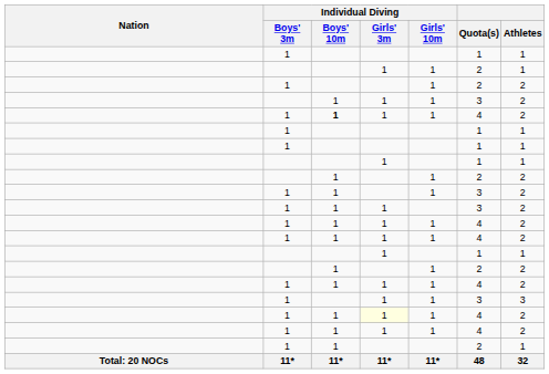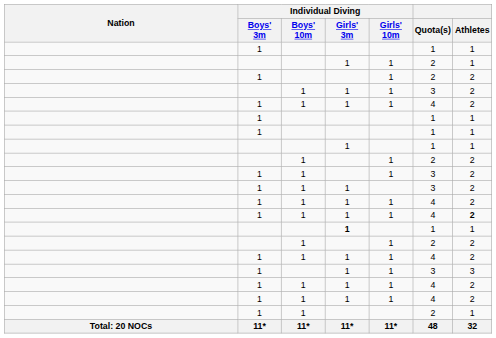 <table class="wikitable" width=800 style="text-align:center; font-size:90%">
 <tr>
 <th rowspan="2" align="left">Nation</th>
 <th colspan="4">Individual Diving</th>
 <th colspan="2"></th>
 </tr>
 <tr>
 <th width=65><a href='#'>Boys'<br> 3m</a></th>
 <th width=65><a href='#'>Boys'<br> 10m</a></th>
 <th width=65><a href='#'>Girls'<br> 3m</a></th>
 <th width=65><a href='#'>Girls'<br> 10m</a></th>
 <th width=55>Quota(s)</th>
 <th width=55>Athletes</th>
 </tr>
 <tr>
 <td align=left></td>
 <td>1</td>
 <td></td>
 <td></td>
 <td></td>
 <td>1</td>
 <td>1</td>
 </tr>
 <tr>
 <td align=left></td>
 <td></td>
 <td></td>
 <td>1</td>
 <td>1</td>
 <td>2</td>
 <td>1</td>
 </tr>
 <tr>
 <td align=left></td>
 <td>1</td>
 <td></td>
 <td></td>
 <td>1</td>
 <td>2</td>
 <td>2</td>
 </tr>
 <tr>
 <td align=left></td>
 <td></td>
 <td>1</td>
 <td>1</td>
 <td>1</td>
 <td>3</td>
 <td>2</td>
 </tr>
 <tr>
 <td align=left></td>
 <td>1</td>
-<td><strong>1</strong></td>
+<td>1</td>
 <td>1</td>
 <td>1</td>
 <td>4</td>
 <td>2</td>
 </tr>
 <tr>
 <td align=left></td>
 <td>1</td>
 <td></td>
 <td></td>
 <td></td>
 <td>1</td>
 <td>1</td>
 </tr>
 <tr>
 <td align=left></td>
 <td>1</td>
 <td></td>
 <td></td>
 <td></td>
 <td>1</td>
 <td>1</td>
 </tr>
 <tr>
 <td align=left></td>
 <td></td>
 <td></td>
 <td>1</td>
 <td></td>
 <td>1</td>
 <td>1</td>
 </tr>
 <tr>
 <td align=left></td>
 <td></td>
 <td>1</td>
 <td></td>
 <td>1</td>
 <td>2</td>
 <td>2</td>
 </tr>
 <tr>
 <td align=left></td>
 <td>1</td>
 <td>1</td>
 <td></td>
 <td>1</td>
 <td>3</td>
 <td>2</td>
 </tr>
 <tr>
 <td align=left></td>
 <td>1</td>
 <td>1</td>
 <td>1</td>
 <td></td>
 <td>3</td>
 <td>2</td>
 </tr>
 <tr>
 <td align=left></td>
 <td>1</td>
 <td>1</td>
 <td>1</td>
 <td>1</td>
 <td>4</td>
 <td>2</td>
 </tr>
 <tr>
 <td align=left></td>
 <td>1</td>
 <td>1</td>
 <td>1</td>
 <td>1</td>
 <td>4</td>
-<td>2</td>
+<td><strong>2</strong></td>
 </tr>
 <tr>
 <td align=left></td>
 <td></td>
 <td></td>
-<td>1</td>
+<td><strong>1</strong></td>
 <td></td>
 <td>1</td>
 <td>1</td>
 </tr>
 <tr>
 <td align=left></td>
 <td></td>
 <td>1</td>
 <td></td>
 <td>1</td>
 <td>2</td>
 <td>2</td>
 </tr>
 <tr>
 <td align=left></td>
 <td>1</td>
 <td>1</td>
 <td>1</td>
 <td>1</td>
 <td>4</td>
 <td>2</td>
 </tr>
 <tr>
 <td align=left></td>
 <td>1</td>
 <td></td>
 <td>1</td>
 <td>1</td>
 <td>3</td>
 <td>3</td>
 </tr>
 <tr>
 <td align=left></td>
 <td>1</td>
 <td>1</td>
-<td style="background: lightyellow;">1</td>
+<td>1</td>
 <td>1</td>
 <td>4</td>
 <td>2</td>
 </tr>
 <tr>
 <td align=left></td>
 <td>1</td>
 <td>1</td>
 <td>1</td>
 <td>1</td>
 <td>4</td>
 <td>2</td>
 </tr>
 <tr>
 <td align=left></td>
 <td>1</td>
 <td>1</td>
 <td></td>
 <td></td>
 <td>2</td>
 <td>1</td>
 </tr>
 <tr>
 <th>Total: 20 NOCs</th>
 <th>11*</th>
 <th>11*</th>
 <th>11*</th>
 <th>11*</th>
 <th>48</th>
 <th>32</th>
 </tr>
 </table>
